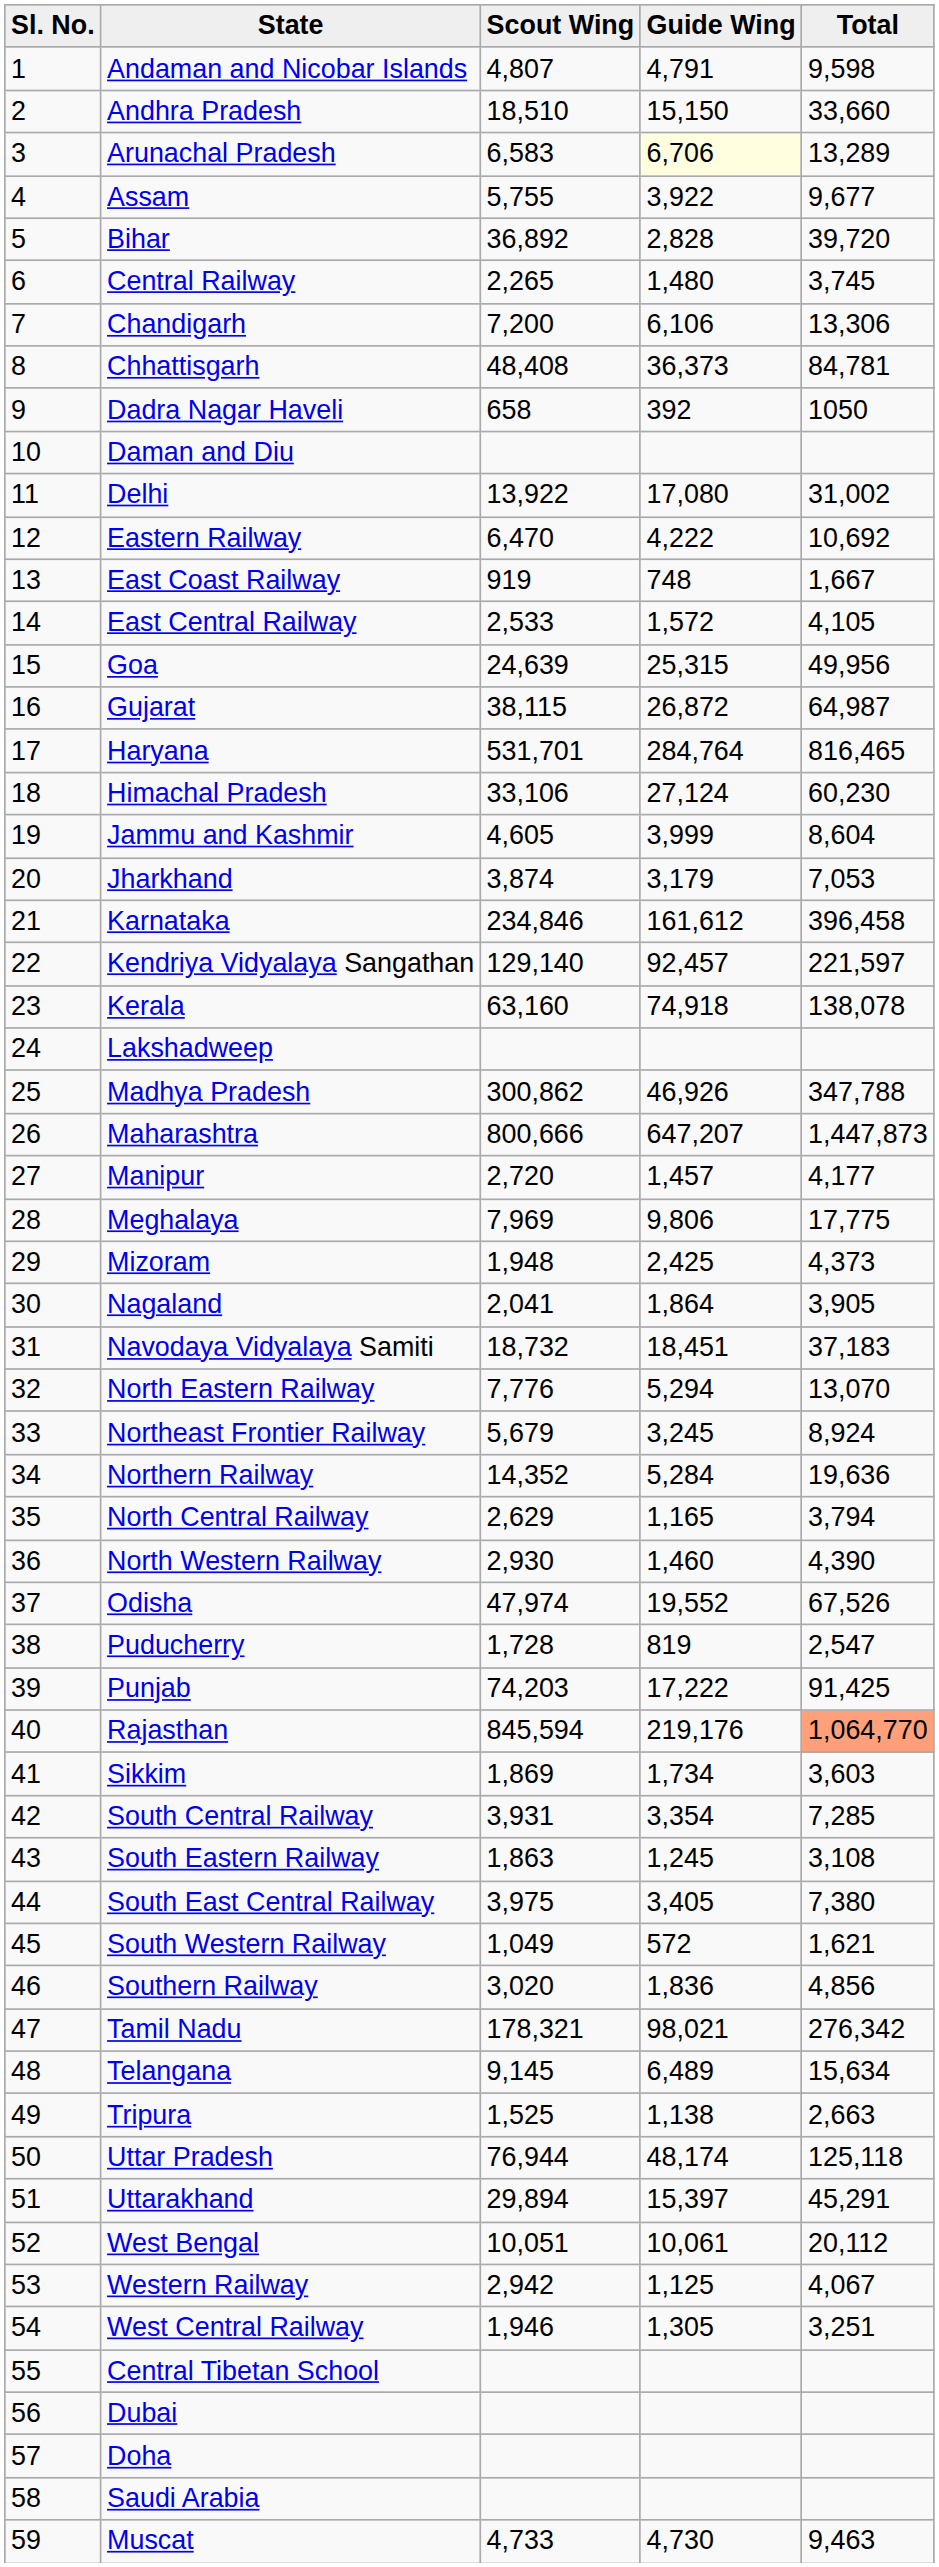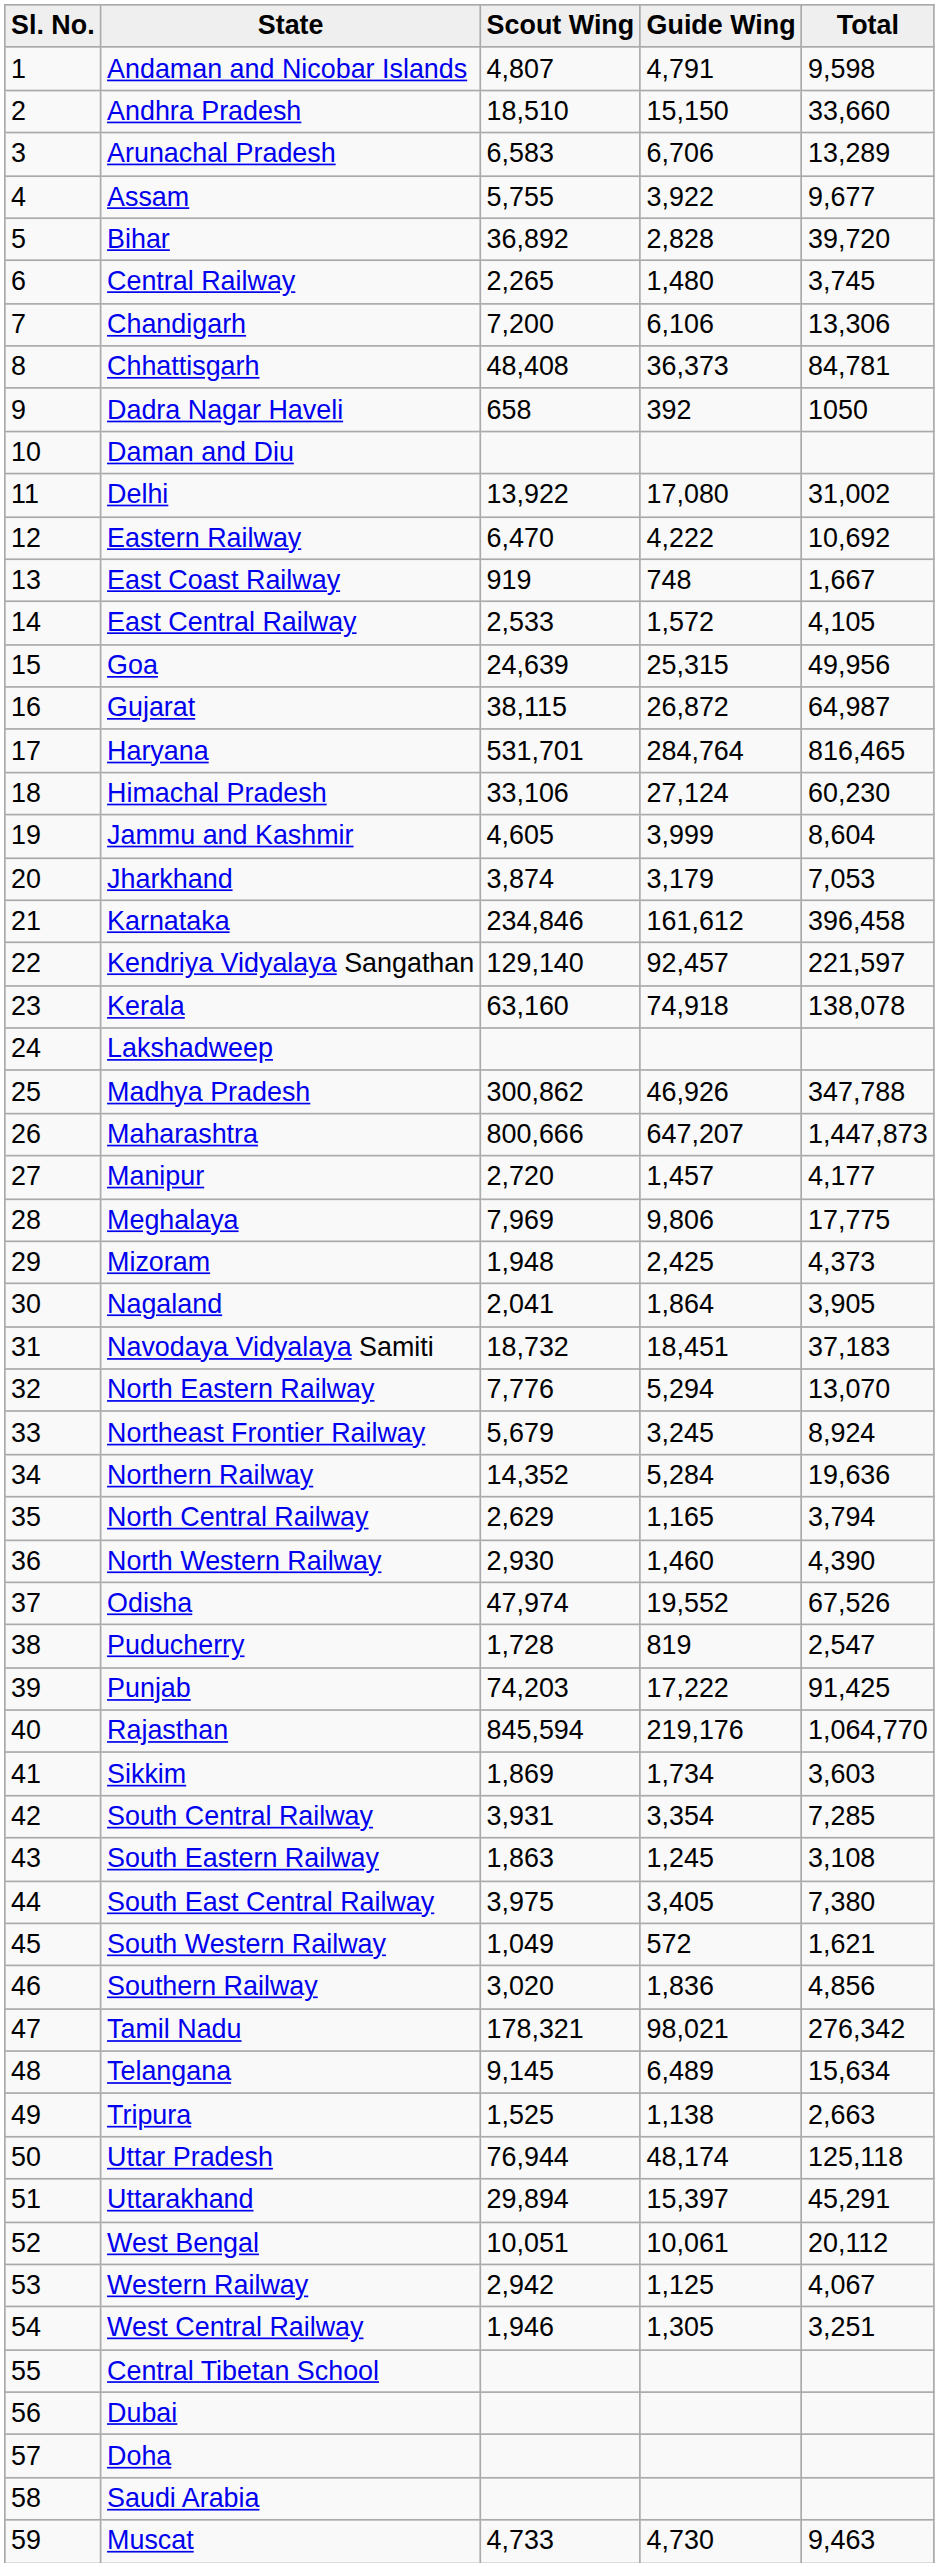 <table class="wikitable sortable">
 <tr>
 <th style="background:#efefef;">Sl. No.</th>
 <th style="background:#efefef;">State</th>
 <th style="background:#efefef;">Scout Wing </th>
 <th style="background:#efefef;">Guide Wing </th>
 <th style="background:#efefef;">Total </th>
 </tr>
 <tr>
 <td>1</td>
 <td><a href='#'>Andaman and Nicobar Islands</a></td>
 <td>4,807</td>
 <td>4,791</td>
 <td>9,598</td>
 </tr>
 <tr>
 <td>2</td>
 <td><a href='#'>Andhra Pradesh</a></td>
 <td>18,510</td>
 <td>15,150</td>
 <td>33,660</td>
 </tr>
 <tr>
 <td>3</td>
 <td><a href='#'>Arunachal Pradesh</a></td>
 <td>6,583</td>
-<td style="background: lightyellow;">6,706</td>
+<td>6,706</td>
 <td>13,289</td>
 </tr>
 <tr>
 <td>4</td>
 <td><a href='#'>Assam</a></td>
 <td>5,755</td>
 <td>3,922</td>
 <td>9,677</td>
 </tr>
 <tr>
 <td>5</td>
 <td><a href='#'>Bihar</a></td>
 <td>36,892</td>
 <td>2,828</td>
 <td>39,720</td>
 </tr>
 <tr>
 <td>6</td>
 <td><a href='#'>Central Railway</a></td>
 <td>2,265</td>
 <td>1,480</td>
 <td>3,745</td>
 </tr>
 <tr>
 <td>7</td>
 <td><a href='#'>Chandigarh</a></td>
 <td>7,200</td>
 <td>6,106</td>
 <td>13,306</td>
 </tr>
 <tr>
 <td>8</td>
 <td><a href='#'>Chhattisgarh</a></td>
 <td>48,408</td>
 <td>36,373</td>
 <td>84,781</td>
 </tr>
 <tr>
 <td>9</td>
 <td><a href='#'>Dadra Nagar Haveli</a></td>
 <td>658</td>
 <td>392</td>
 <td>1050</td>
 </tr>
 <tr>
 <td>10</td>
 <td><a href='#'>Daman and Diu</a></td>
 <td></td>
 <td></td>
 <td></td>
 </tr>
 <tr>
 <td>11</td>
 <td><a href='#'>Delhi</a></td>
 <td>13,922</td>
 <td>17,080</td>
 <td>31,002</td>
 </tr>
 <tr>
 <td>12</td>
 <td><a href='#'>Eastern Railway</a></td>
 <td>6,470</td>
 <td>4,222</td>
 <td>10,692</td>
 </tr>
 <tr>
 <td>13</td>
 <td><a href='#'>East Coast Railway</a></td>
 <td>919</td>
 <td>748</td>
 <td>1,667</td>
 </tr>
 <tr>
 <td>14</td>
 <td><a href='#'>East Central Railway</a></td>
 <td>2,533</td>
 <td>1,572</td>
 <td>4,105</td>
 </tr>
 <tr>
 <td>15</td>
 <td><a href='#'>Goa</a></td>
 <td>24,639</td>
 <td>25,315</td>
 <td>49,956</td>
 </tr>
 <tr>
 <td>16</td>
 <td><a href='#'>Gujarat</a></td>
 <td>38,115</td>
 <td>26,872</td>
 <td>64,987</td>
 </tr>
 <tr>
 <td>17</td>
 <td><a href='#'>Haryana</a></td>
 <td>531,701</td>
 <td>284,764</td>
 <td>816,465</td>
 </tr>
 <tr>
 <td>18</td>
 <td><a href='#'>Himachal Pradesh</a></td>
 <td>33,106</td>
 <td>27,124</td>
 <td>60,230</td>
 </tr>
 <tr>
 <td>19</td>
 <td><a href='#'>Jammu and Kashmir</a></td>
 <td>4,605</td>
 <td>3,999</td>
 <td>8,604</td>
 </tr>
 <tr>
 <td>20</td>
 <td><a href='#'>Jharkhand</a></td>
 <td>3,874</td>
 <td>3,179</td>
 <td>7,053</td>
 </tr>
 <tr>
 <td>21</td>
 <td><a href='#'>Karnataka</a></td>
 <td>234,846</td>
 <td>161,612</td>
 <td>396,458</td>
 </tr>
 <tr>
 <td>22</td>
 <td><a href='#'>Kendriya Vidyalaya</a> Sangathan</td>
 <td>129,140</td>
 <td>92,457</td>
 <td>221,597</td>
 </tr>
 <tr>
 <td>23</td>
 <td><a href='#'>Kerala</a></td>
 <td>63,160</td>
 <td>74,918</td>
 <td>138,078</td>
 </tr>
 <tr>
 <td>24</td>
 <td><a href='#'>Lakshadweep</a></td>
 <td></td>
 <td></td>
 <td></td>
 </tr>
 <tr>
 <td>25</td>
 <td><a href='#'>Madhya Pradesh</a></td>
 <td>300,862</td>
 <td>46,926</td>
 <td>347,788</td>
 </tr>
 <tr>
 <td>26</td>
 <td><a href='#'>Maharashtra</a></td>
 <td>800,666</td>
 <td>647,207</td>
 <td>1,447,873</td>
 </tr>
 <tr>
 <td>27</td>
 <td><a href='#'>Manipur</a></td>
 <td>2,720</td>
 <td>1,457</td>
 <td>4,177</td>
 </tr>
 <tr>
 <td>28</td>
 <td><a href='#'>Meghalaya</a></td>
 <td>7,969</td>
 <td>9,806</td>
 <td>17,775</td>
 </tr>
 <tr>
 <td>29</td>
 <td><a href='#'>Mizoram</a></td>
 <td>1,948</td>
 <td>2,425</td>
 <td>4,373</td>
 </tr>
 <tr>
 <td>30</td>
 <td><a href='#'>Nagaland</a></td>
 <td>2,041</td>
 <td>1,864</td>
 <td>3,905</td>
 </tr>
 <tr>
 <td>31</td>
 <td><a href='#'>Navodaya Vidyalaya</a> Samiti</td>
 <td>18,732</td>
 <td>18,451</td>
 <td>37,183</td>
 </tr>
 <tr>
 <td>32</td>
 <td><a href='#'>North Eastern Railway</a></td>
 <td>7,776</td>
 <td>5,294</td>
 <td>13,070</td>
 </tr>
 <tr>
 <td>33</td>
 <td><a href='#'>Northeast Frontier Railway</a></td>
 <td>5,679</td>
 <td>3,245</td>
 <td>8,924</td>
 </tr>
 <tr>
 <td>34</td>
 <td><a href='#'>Northern Railway</a></td>
 <td>14,352</td>
 <td>5,284</td>
 <td>19,636</td>
 </tr>
 <tr>
 <td>35</td>
 <td><a href='#'>North Central Railway</a></td>
 <td>2,629</td>
 <td>1,165</td>
 <td>3,794</td>
 </tr>
 <tr>
 <td>36</td>
 <td><a href='#'>North Western Railway</a></td>
 <td>2,930</td>
 <td>1,460</td>
 <td>4,390</td>
 </tr>
 <tr>
 <td>37</td>
 <td><a href='#'>Odisha</a></td>
 <td>47,974</td>
 <td>19,552</td>
 <td>67,526</td>
 </tr>
 <tr>
 <td>38</td>
 <td><a href='#'>Puducherry</a></td>
 <td>1,728</td>
 <td>819</td>
 <td>2,547</td>
 </tr>
 <tr>
 <td>39</td>
 <td><a href='#'>Punjab</a></td>
 <td>74,203</td>
 <td>17,222</td>
 <td>91,425</td>
 </tr>
 <tr>
 <td>40</td>
 <td><a href='#'>Rajasthan</a></td>
 <td>845,594</td>
 <td>219,176</td>
-<td style="background: lightsalmon;">1,064,770</td>
+<td>1,064,770</td>
 </tr>
 <tr>
 <td>41</td>
 <td><a href='#'>Sikkim</a></td>
 <td>1,869</td>
 <td>1,734</td>
 <td>3,603</td>
 </tr>
 <tr>
 <td>42</td>
 <td><a href='#'>South Central Railway</a></td>
 <td>3,931</td>
 <td>3,354</td>
 <td>7,285</td>
 </tr>
 <tr>
 <td>43</td>
 <td><a href='#'>South Eastern Railway</a></td>
 <td>1,863</td>
 <td>1,245</td>
 <td>3,108</td>
 </tr>
 <tr>
 <td>44</td>
 <td><a href='#'>South East Central Railway</a></td>
 <td>3,975</td>
 <td>3,405</td>
 <td>7,380</td>
 </tr>
 <tr>
 <td>45</td>
 <td><a href='#'>South Western Railway</a></td>
 <td>1,049</td>
 <td>572</td>
 <td>1,621</td>
 </tr>
 <tr>
 <td>46</td>
 <td><a href='#'>Southern Railway</a></td>
 <td>3,020</td>
 <td>1,836</td>
 <td>4,856</td>
 </tr>
 <tr>
 <td>47</td>
 <td><a href='#'>Tamil Nadu</a></td>
 <td>178,321</td>
 <td>98,021</td>
 <td>276,342</td>
 </tr>
 <tr>
 <td>48</td>
 <td><a href='#'>Telangana</a></td>
 <td>9,145</td>
 <td>6,489</td>
 <td>15,634</td>
 </tr>
 <tr>
 <td>49</td>
 <td><a href='#'>Tripura</a></td>
 <td>1,525</td>
 <td>1,138</td>
 <td>2,663</td>
 </tr>
 <tr>
 <td>50</td>
 <td><a href='#'>Uttar Pradesh</a></td>
 <td>76,944</td>
 <td>48,174</td>
 <td>125,118</td>
 </tr>
 <tr>
 <td>51</td>
 <td><a href='#'>Uttarakhand</a></td>
 <td>29,894</td>
 <td>15,397</td>
 <td>45,291</td>
 </tr>
 <tr>
 <td>52</td>
 <td><a href='#'>West Bengal</a></td>
 <td>10,051</td>
 <td>10,061</td>
 <td>20,112</td>
 </tr>
 <tr>
 <td>53</td>
 <td><a href='#'>Western Railway</a></td>
 <td>2,942</td>
 <td>1,125</td>
 <td>4,067</td>
 </tr>
 <tr>
 <td>54</td>
 <td><a href='#'>West Central Railway</a></td>
 <td>1,946</td>
 <td>1,305</td>
 <td>3,251</td>
 </tr>
 <tr>
 <td>55</td>
 <td><a href='#'>Central Tibetan School</a></td>
 <td></td>
 <td></td>
 <td></td>
 </tr>
 <tr>
 <td>56</td>
 <td><a href='#'>Dubai</a></td>
 <td></td>
 <td></td>
 <td></td>
 </tr>
 <tr>
 <td>57</td>
 <td><a href='#'>Doha</a></td>
 <td></td>
 <td></td>
 <td></td>
 </tr>
 <tr>
 <td>58</td>
 <td><a href='#'>Saudi Arabia</a></td>
 <td></td>
 <td></td>
 <td></td>
 </tr>
 <tr>
 <td>59</td>
 <td><a href='#'>Muscat</a></td>
 <td>4,733</td>
 <td>4,730</td>
 <td>9,463</td>
 </tr>
 </table>
